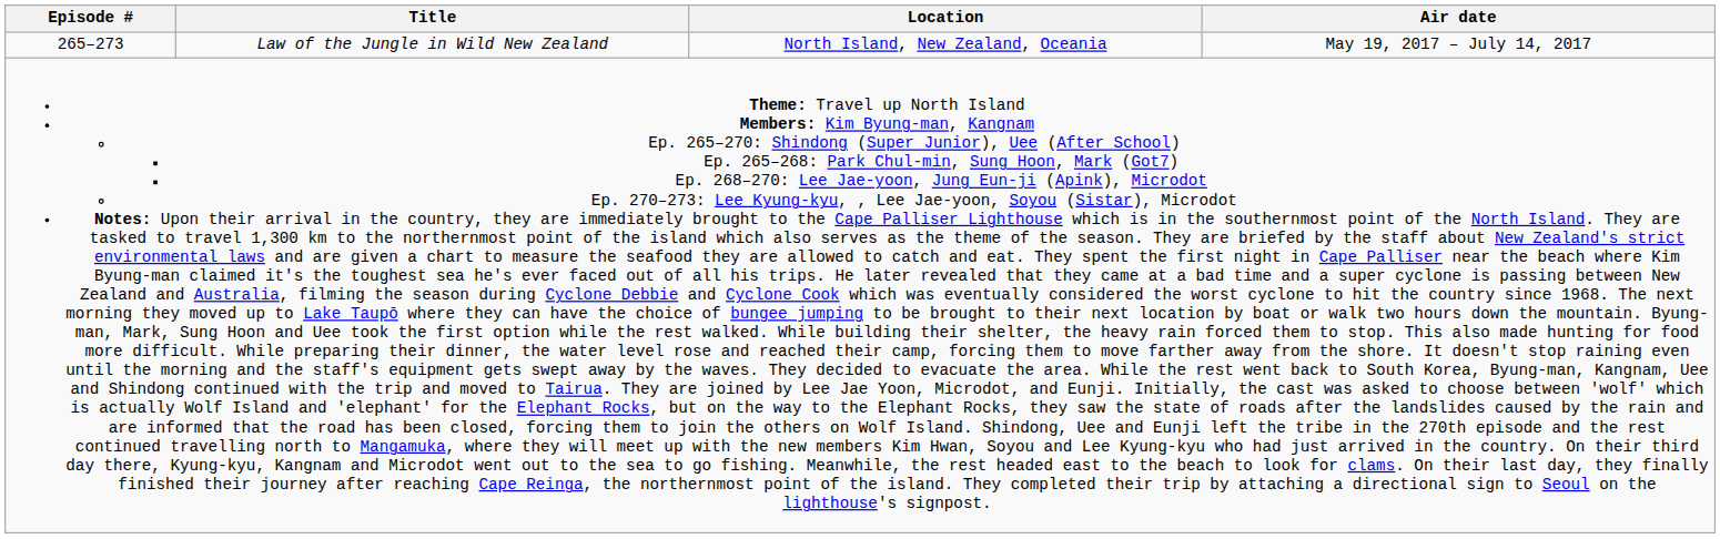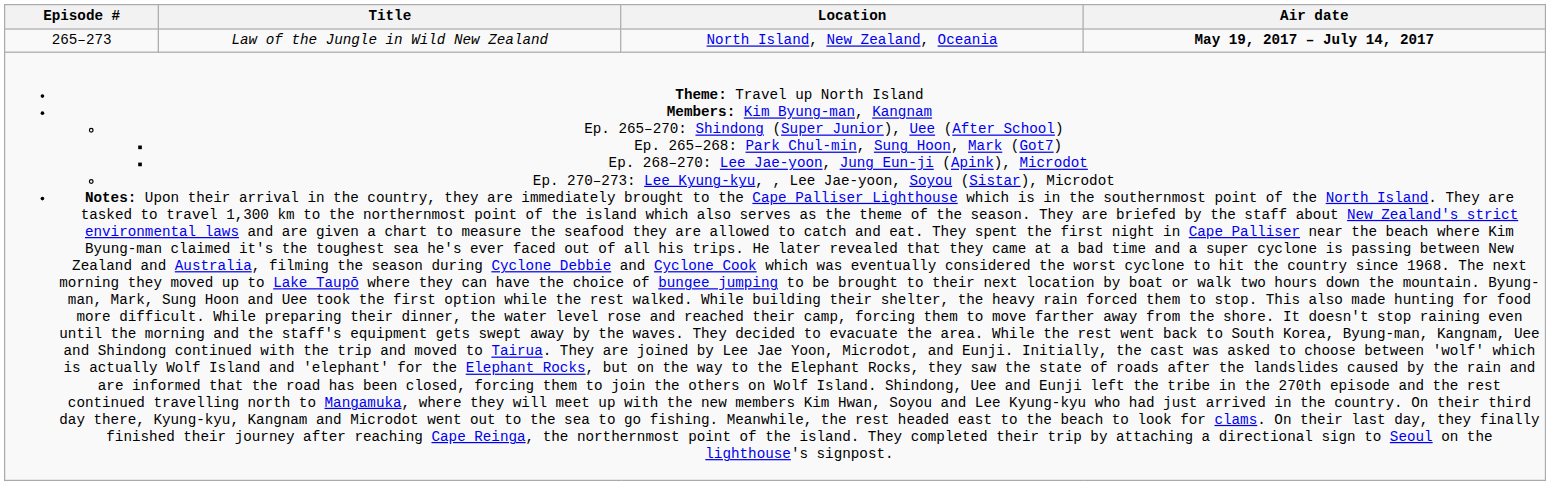 <table class="wikitable" style="text-align:center; font-size:90%; width:100%;">
 <tr>
 <th width="10%">Episode #</th>
 <th width="30%">Title</th>
 <th width="30%">Location</th>
 <th width="30%">Air date</th>
 </tr>
 <tr>
 <td>265–273</td>
 <td><em>Law of the Jungle in Wild New Zealand</em></td>
 <td><a href='#'>North Island</a>, <a href='#'>New Zealand</a>, <a href='#'>Oceania</a></td>
-<td>May 19, 2017 – July 14, 2017</td>
+<td><strong>May 19, 2017 – July 14, 2017</strong></td>
 </tr>
 <tr>
 <td colspan="4"><br><ul><li><strong>Theme:</strong> Travel up North Island</li><li><strong>Members:</strong> <a href='#'>Kim Byung-man</a>, <a href='#'>Kangnam</a><ul><li>Ep. 265–270: <a href='#'>Shindong</a> (<a href='#'>Super Junior</a>), <a href='#'>Uee</a> (<a href='#'>After School</a>)<ul><li>Ep. 265–268: <a href='#'>Park Chul-min</a>, <a href='#'>Sung Hoon</a>, <a href='#'>Mark</a> (<a href='#'>Got7</a>)</li><li>Ep. 268–270: <a href='#'>Lee Jae-yoon</a>, <a href='#'>Jung Eun-ji</a> (<a href='#'>Apink</a>), <a href='#'>Microdot</a></li></ul></li><li>Ep. 270–273: <a href='#'>Lee Kyung-kyu</a>, , Lee Jae-yoon, <a href='#'>Soyou</a> (<a href='#'>Sistar</a>), Microdot</li></ul></li><li><strong>Notes:</strong> Upon their arrival in the country, they are immediately brought to the <a href='#'>Cape Palliser Lighthouse</a> which is in the southernmost point of the <a href='#'>North Island</a>. They are tasked to travel 1,300 km to the northernmost point of the island which also serves as the theme of the season. They are briefed by the staff about <a href='#'>New Zealand's strict environmental laws</a> and are given a chart to measure the seafood they are allowed to catch and eat. They spent the first night in <a href='#'>Cape Palliser</a> near the beach where Kim Byung-man claimed it's the toughest sea he's ever faced out of all his trips. He later revealed that they came at a bad time and a super cyclone is passing between New Zealand and <a href='#'>Australia</a>, filming the season during <a href='#'>Cyclone Debbie</a> and <a href='#'>Cyclone Cook</a> which was eventually considered the worst cyclone to hit the country since 1968. The next morning they moved up to <a href='#'>Lake Taupō</a> where they can have the choice of <a href='#'>bungee jumping</a> to be brought to their next location by boat or walk two hours down the mountain. Byung-man, Mark, Sung Hoon and Uee took the first option while the rest walked. While building their shelter, the heavy rain forced them to stop. This also made hunting for food more difficult. While preparing their dinner, the water level rose and reached their camp, forcing them to move farther away from the shore. It doesn't stop raining even until the morning and the staff's equipment gets swept away by the waves. They decided to evacuate the area. While the rest went back to South Korea, Byung-man, Kangnam, Uee and Shindong continued with the trip and moved to <a href='#'>Tairua</a>. They are joined by Lee Jae Yoon, Microdot, and Eunji. Initially, the cast was asked to choose between 'wolf' which is actually Wolf Island and 'elephant' for the <a href='#'>Elephant Rocks</a>, but on the way to the Elephant Rocks, they saw the state of roads after the landslides caused by the rain and are informed that the road has been closed, forcing them to join the others on Wolf Island. Shindong, Uee and Eunji left the tribe in the 270th episode and the rest continued travelling north to <a href='#'>Mangamuka</a>, where they will meet up with the new members Kim Hwan, Soyou and Lee Kyung-kyu who had just arrived in the country. On their third day there, Kyung-kyu, Kangnam and Microdot went out to the sea to go fishing. Meanwhile, the rest headed east to the beach to look for <a href='#'>clams</a>. On their last day, they finally finished their journey after reaching <a href='#'>Cape Reinga</a>, the northernmost point of the island. They completed their trip by attaching a directional sign to <a href='#'>Seoul</a> on the <a href='#'>lighthouse</a>'s signpost.</li></ul></td>
 </tr>
 </table>
